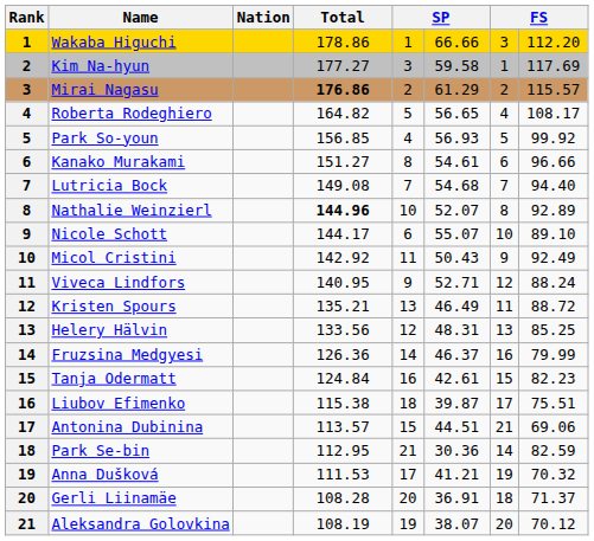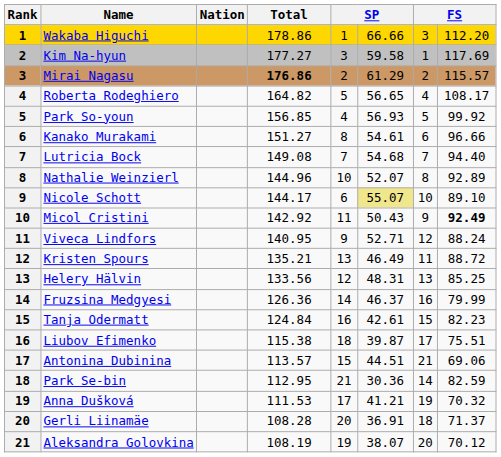 <table class="wikitable sortable">
 <tr>
 <th>Rank</th>
 <th>Name</th>
 <th>Nation</th>
 <th width="80px">Total</th>
 <th colspan="2" width="80px"><a href='#'>SP</a></th>
 <th colspan="2" width="80px"><a href='#'>FS</a></th>
 </tr>
 <tr bgcolor="gold">
 <td align="center"><strong>1</strong></td>
 <td><a href='#'>Wakaba Higuchi</a></td>
 <td></td>
 <td align="center">178.86</td>
 <td align="center">1</td>
 <td align="center">66.66</td>
 <td align="center">3</td>
 <td align="center">112.20</td>
 </tr>
 <tr bgcolor="silver">
 <td align="center"><strong>2</strong></td>
 <td><a href='#'>Kim Na-hyun</a></td>
 <td></td>
 <td align="center">177.27</td>
 <td align="center">3</td>
 <td align="center">59.58</td>
 <td align="center">1</td>
 <td align="center">117.69</td>
 </tr>
 <tr bgcolor="cc9966">
 <td align="center"><strong>3</strong></td>
 <td><a href='#'>Mirai Nagasu</a></td>
 <td></td>
 <td align="center"><strong>176.86</strong></td>
 <td align="center">2</td>
 <td align="center">61.29</td>
 <td align="center">2</td>
 <td align="center">115.57</td>
 </tr>
 <tr>
 <th>4</th>
 <td><a href='#'>Roberta Rodeghiero</a></td>
 <td></td>
 <td align="center">164.82</td>
 <td align="center">5</td>
 <td align="center">56.65</td>
 <td align="center">4</td>
 <td align="center">108.17</td>
 </tr>
 <tr>
 <th>5</th>
 <td><a href='#'>Park So-youn</a></td>
 <td></td>
 <td align="center">156.85</td>
 <td align="center">4</td>
 <td align="center">56.93</td>
 <td align="center">5</td>
 <td align="center">99.92</td>
 </tr>
 <tr>
 <th>6</th>
 <td><a href='#'>Kanako Murakami</a></td>
 <td></td>
 <td align="center">151.27</td>
 <td align="center">8</td>
 <td align="center">54.61</td>
 <td align="center">6</td>
 <td align="center">96.66</td>
 </tr>
 <tr>
 <th>7</th>
 <td><a href='#'>Lutricia Bock</a></td>
 <td></td>
 <td align="center">149.08</td>
 <td align="center">7</td>
 <td align="center">54.68</td>
 <td align="center">7</td>
 <td align="center">94.40</td>
 </tr>
 <tr>
 <th>8</th>
 <td><a href='#'>Nathalie Weinzierl</a></td>
 <td></td>
-<td align="center"><strong>144.96</strong></td>
+<td align="center">144.96</td>
 <td align="center">10</td>
 <td align="center">52.07</td>
 <td align="center">8</td>
 <td align="center">92.89</td>
 </tr>
 <tr>
 <th>9</th>
 <td><a href='#'>Nicole Schott</a></td>
 <td></td>
 <td align="center">144.17</td>
 <td align="center">6</td>
-<td align="center">55.07</td>
+<td align="center" style="background: khaki;">55.07</td>
 <td align="center">10</td>
 <td align="center">89.10</td>
 </tr>
 <tr>
 <th>10</th>
 <td><a href='#'>Micol Cristini</a></td>
 <td></td>
 <td align="center">142.92</td>
 <td align="center">11</td>
 <td align="center">50.43</td>
 <td align="center">9</td>
-<td align="center">92.49</td>
+<td align="center"><strong>92.49</strong></td>
 </tr>
 <tr>
 <th>11</th>
 <td><a href='#'>Viveca Lindfors</a></td>
 <td></td>
 <td align="center">140.95</td>
 <td align="center">9</td>
 <td align="center">52.71</td>
 <td align="center">12</td>
 <td align="center">88.24</td>
 </tr>
 <tr>
 <th>12</th>
 <td><a href='#'>Kristen Spours</a></td>
 <td></td>
 <td align="center">135.21</td>
 <td align="center">13</td>
 <td align="center">46.49</td>
 <td align="center">11</td>
 <td align="center">88.72</td>
 </tr>
 <tr>
 <th>13</th>
 <td><a href='#'>Helery Hälvin</a></td>
 <td></td>
 <td align="center">133.56</td>
 <td align="center">12</td>
 <td align="center">48.31</td>
 <td align="center">13</td>
 <td align="center">85.25</td>
 </tr>
 <tr>
 <th>14</th>
 <td><a href='#'>Fruzsina Medgyesi</a></td>
 <td></td>
 <td align="center">126.36</td>
 <td align="center">14</td>
 <td align="center">46.37</td>
 <td align="center">16</td>
 <td align="center">79.99</td>
 </tr>
 <tr>
 <th>15</th>
 <td><a href='#'>Tanja Odermatt</a></td>
 <td></td>
 <td align="center">124.84</td>
 <td align="center">16</td>
 <td align="center">42.61</td>
 <td align="center">15</td>
 <td align="center">82.23</td>
 </tr>
 <tr>
 <th>16</th>
 <td><a href='#'>Liubov Efimenko</a></td>
 <td></td>
 <td align="center">115.38</td>
 <td align="center">18</td>
 <td align="center">39.87</td>
 <td align="center">17</td>
 <td align="center">75.51</td>
 </tr>
 <tr>
 <th>17</th>
 <td><a href='#'>Antonina Dubinina</a></td>
 <td></td>
 <td align="center">113.57</td>
 <td align="center">15</td>
 <td align="center">44.51</td>
 <td align="center">21</td>
 <td align="center">69.06</td>
 </tr>
 <tr>
 <th>18</th>
 <td><a href='#'>Park Se-bin</a></td>
 <td></td>
 <td align="center">112.95</td>
 <td align="center">21</td>
 <td align="center">30.36</td>
 <td align="center">14</td>
 <td align="center">82.59</td>
 </tr>
 <tr>
 <th>19</th>
 <td><a href='#'>Anna Dušková</a></td>
 <td></td>
 <td align="center">111.53</td>
 <td align="center">17</td>
 <td align="center">41.21</td>
 <td align="center">19</td>
 <td align="center">70.32</td>
 </tr>
 <tr>
 <th>20</th>
 <td><a href='#'>Gerli Liinamäe</a></td>
 <td></td>
 <td align="center">108.28</td>
 <td align="center">20</td>
 <td align="center">36.91</td>
 <td align="center">18</td>
 <td align="center">71.37</td>
 </tr>
 <tr>
 <th>21</th>
 <td><a href='#'>Aleksandra Golovkina</a></td>
 <td></td>
 <td align="center">108.19</td>
 <td align="center">19</td>
 <td align="center">38.07</td>
 <td align="center">20</td>
 <td align="center">70.12</td>
 </tr>
 </table>
